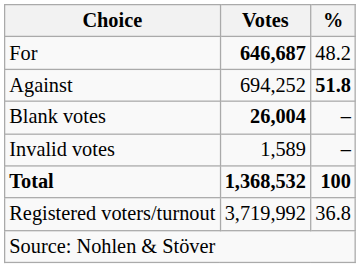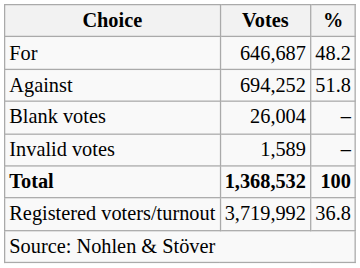 <table class=wikitable style=text-align:right>
 <tr>
 <th>Choice</th>
 <th>Votes</th>
 <th>%</th>
 </tr>
 <tr>
 <td align=left>For</td>
-<td><strong>646,687</strong></td>
+<td>646,687</td>
 <td>48.2</td>
 </tr>
 <tr>
 <td align=left>Against</td>
 <td>694,252</td>
-<td><strong>51.8</strong></td>
+<td>51.8</td>
 </tr>
 <tr>
 <td align=left>Blank votes</td>
-<td><strong>26,004</strong></td>
+<td>26,004</td>
 <td>–</td>
 </tr>
 <tr>
 <td align=left>Invalid votes</td>
 <td>1,589</td>
 <td>–</td>
 </tr>
 <tr>
 <td align=left><strong>Total</strong></td>
 <td><strong>1,368,532</strong></td>
 <td><strong>100</strong></td>
 </tr>
 <tr>
 <td align=left>Registered voters/turnout</td>
 <td>3,719,992</td>
 <td>36.8</td>
 </tr>
 <tr>
 <td align=left colspan=3>Source: Nohlen & Stöver</td>
 </tr>
 </table>
